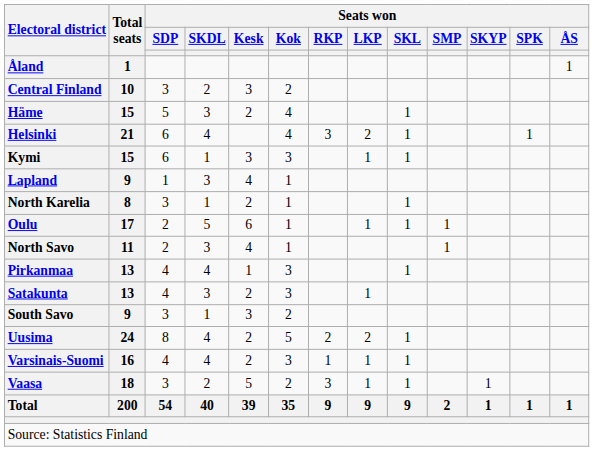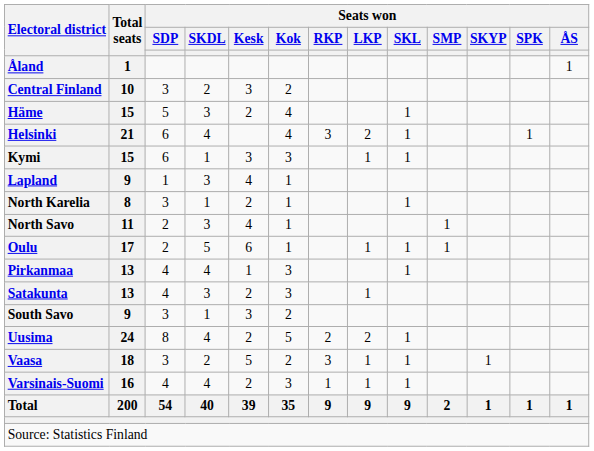 <table class="wikitable" style="text-align:center; font-size: 0.9em;">
 <tr>
 <th rowspan="3"><a href='#'>Electoral district</a></th>
 <th rowspan="3">Total<br>seats</th>
 <th colspan="11">Seats won</th>
 </tr>
 <tr>
 <th class="unsortable" style="width:35px;"><a href='#'>SDP</a></th>
 <th class="unsortable" style="width:35px;"><a href='#'>SKDL</a></th>
 <th class="unsortable" style="width:35px;"><a href='#'>Kesk</a></th>
 <th class="unsortable" style="width:35px;"><a href='#'>Kok</a></th>
 <th class="unsortable" style="width:35px;"><a href='#'>RKP</a></th>
 <th class="unsortable" style="width:35px;"><a href='#'>LKP</a></th>
 <th class="unsortable" style="width:35px;"><a href='#'>SKL</a></th>
 <th class="unsortable" style="width:35px;"><a href='#'>SMP</a></th>
 <th class="unsortable" style="width:35px;"><a href='#'>SKYP</a></th>
 <th class="unsortable" style="width:35px;"><a href='#'>SPK</a></th>
 <th class="unsortable" style="width:35px;"><a href='#'>ÅS</a></th>
 </tr>
 <tr>
 <th style="background:"></th>
 <th style="background:"></th>
 <th style="background:"></th>
 <th style="background:"></th>
 <th style="background:"></th>
 <th style="background:"></th>
 <th style="background:"></th>
 <th style="background:"></th>
 <th style="background:"></th>
 <th style="background:"></th>
 <th style="background:"></th>
 </tr>
 <tr>
 <th style="text-align: left;"><a href='#'>Åland</a></th>
 <th>1</th>
 <td></td>
 <td></td>
 <td></td>
 <td></td>
 <td></td>
 <td></td>
 <td></td>
 <td></td>
 <td></td>
 <td></td>
 <td>1</td>
 </tr>
 <tr>
 <th style="text-align: left;"><a href='#'>Central Finland</a></th>
 <th>10</th>
 <td>3</td>
 <td>2</td>
 <td>3</td>
 <td>2</td>
 <td></td>
 <td></td>
 <td></td>
 <td></td>
 <td></td>
 <td></td>
 <td></td>
 </tr>
 <tr>
 <th style="text-align: left;"><a href='#'>Häme</a></th>
 <th>15</th>
 <td>5</td>
 <td>3</td>
 <td>2</td>
 <td>4</td>
 <td></td>
 <td></td>
 <td>1</td>
 <td></td>
 <td></td>
 <td></td>
 <td></td>
 </tr>
 <tr>
 <th style="text-align: left;"><a href='#'>Helsinki</a></th>
 <th>21</th>
 <td>6</td>
 <td>4</td>
 <td></td>
 <td>4</td>
 <td>3</td>
 <td>2</td>
 <td>1</td>
 <td></td>
 <td></td>
 <td>1</td>
 <td></td>
 </tr>
 <tr>
 <th style="text-align: left;">Kymi</th>
 <th>15</th>
 <td>6</td>
 <td>1</td>
 <td>3</td>
 <td>3</td>
 <td></td>
 <td>1</td>
 <td>1</td>
 <td></td>
 <td></td>
 <td></td>
 <td></td>
 </tr>
 <tr>
 <th style="text-align: left;"><a href='#'>Lapland</a></th>
 <th>9</th>
 <td>1</td>
 <td>3</td>
 <td>4</td>
 <td>1</td>
 <td></td>
 <td></td>
 <td></td>
 <td></td>
 <td></td>
 <td></td>
 <td></td>
 </tr>
 <tr>
 <th style="text-align: left;">North Karelia</th>
 <th>8</th>
 <td>3</td>
 <td>1</td>
 <td>2</td>
 <td>1</td>
 <td></td>
 <td></td>
 <td>1</td>
 <td></td>
 <td></td>
 <td></td>
 <td></td>
 </tr>
 <tr>
+<th style="text-align: left;">North Savo</th>
+<th>11</th>
+<td>2</td>
+<td>3</td>
+<td>4</td>
+<td>1</td>
+<td></td>
+<td></td>
+<td></td>
+<td>1</td>
+<td></td>
+<td></td>
+<td></td>
+</tr>
+<tr>
 <th style="text-align: left;"><a href='#'>Oulu</a></th>
 <th>17</th>
 <td>2</td>
 <td>5</td>
 <td>6</td>
 <td>1</td>
 <td></td>
 <td>1</td>
 <td>1</td>
-<td>1</td>
-<td></td>
-<td></td>
-<td></td>
-</tr>
-<tr>
-<th style="text-align: left;">North Savo</th>
-<th>11</th>
-<td>2</td>
-<td>3</td>
-<td>4</td>
-<td>1</td>
-<td></td>
-<td></td>
-<td></td>
 <td>1</td>
 <td></td>
 <td></td>
 <td></td>
 </tr>
 <tr>
 <th style="text-align: left;"><a href='#'>Pirkanmaa</a></th>
 <th>13</th>
 <td>4</td>
 <td>4</td>
 <td>1</td>
 <td>3</td>
 <td></td>
 <td></td>
 <td>1</td>
 <td></td>
 <td></td>
 <td></td>
 <td></td>
 </tr>
 <tr>
 <th style="text-align: left;"><a href='#'>Satakunta</a></th>
 <th>13</th>
 <td>4</td>
 <td>3</td>
 <td>2</td>
 <td>3</td>
 <td></td>
 <td>1</td>
 <td></td>
 <td></td>
 <td></td>
 <td></td>
 <td></td>
 </tr>
 <tr>
 <th style="text-align: left;">South Savo</th>
 <th>9</th>
 <td>3</td>
 <td>1</td>
 <td>3</td>
 <td>2</td>
 <td></td>
 <td></td>
 <td></td>
 <td></td>
 <td></td>
 <td></td>
 <td></td>
 </tr>
 <tr>
 <th style="text-align: left;"><a href='#'>Uusima</a></th>
 <th>24</th>
 <td>8</td>
 <td>4</td>
 <td>2</td>
 <td>5</td>
 <td>2</td>
 <td>2</td>
 <td>1</td>
 <td></td>
 <td></td>
 <td></td>
 <td></td>
 </tr>
 <tr>
+<th style="text-align: left;"><a href='#'>Vaasa</a></th>
+<th>18</th>
+<td>3</td>
+<td>2</td>
+<td>5</td>
+<td>2</td>
+<td>3</td>
+<td>1</td>
+<td>1</td>
+<td></td>
+<td>1</td>
+<td></td>
+<td></td>
+</tr>
+<tr>
 <th style="text-align: left;"><a href='#'>Varsinais-Suomi</a></th>
 <th>16</th>
 <td>4</td>
 <td>4</td>
 <td>2</td>
 <td>3</td>
 <td>1</td>
 <td>1</td>
 <td>1</td>
 <td></td>
 <td></td>
-<td></td>
-<td></td>
-</tr>
-<tr>
-<th style="text-align: left;"><a href='#'>Vaasa</a></th>
-<th>18</th>
-<td>3</td>
-<td>2</td>
-<td>5</td>
-<td>2</td>
-<td>3</td>
-<td>1</td>
-<td>1</td>
-<td></td>
-<td>1</td>
 <td></td>
 <td></td>
 </tr>
 <tr class="sortbottom">
 <th style="text-align: left;">Total</th>
 <th>200</th>
 <th>54</th>
 <th>40</th>
 <th>39</th>
 <th>35</th>
 <th>9</th>
 <th>9</th>
 <th>9</th>
 <th>2</th>
 <th>1</th>
 <th>1</th>
 <th>1</th>
 </tr>
 <tr>
 <th colspan="13"></th>
 </tr>
 <tr>
 <td colspan="13" align=left>Source: Statistics Finland</td>
 </tr>
 </table>
